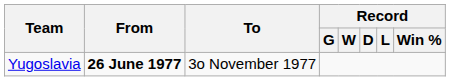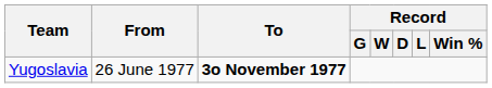 <table class="wikitable sortable">
 <tr>
 <th rowspan="2">Team</th>
 <th rowspan="2">From</th>
 <th rowspan="2">To</th>
 <th colspan="5">Record</th>
 </tr>
 <tr>
 <th>G</th>
 <th>W</th>
 <th>D</th>
 <th>L</th>
 <th>Win %</th>
 </tr>
 <tr>
 <td><a href='#'>Yugoslavia</a></td>
-<td><strong>26 June 1977</strong></td>
-<td>3o November 1977<br></td>
+<td>26 June 1977</td>
+<td><strong>3o November 1977<br></strong></td>
 </tr>
 </table>
